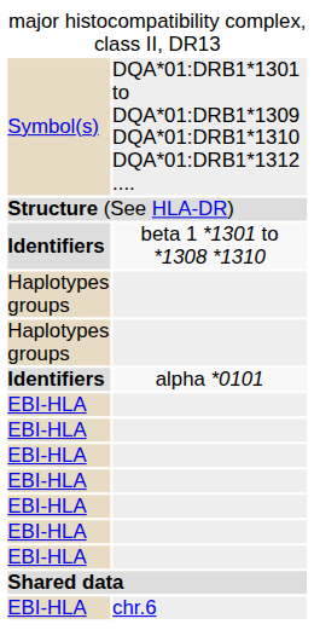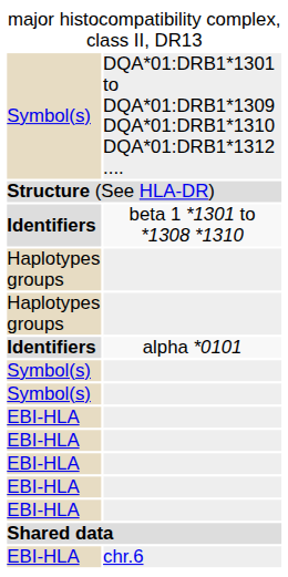 <table id="drugInfoBox" style="float: right; clear: right; margin: 0 0 0.5em 1em; background: #ffffff;" class="toccolours" border=0 cellpadding=0 align=right width="240px">
 <tr>
 <td align="center" colspan="2"></td>
 </tr>
 <tr>
 <td align="center" colspan="2"><div>major histocompatibility complex, class II, DR13</div></td>
 </tr>
 <tr>
 <td bgcolor="#e7dcc3"><a href='#'>Symbol(s)</a></td>
 <td bgcolor="#eeeeee">DQA*01:DRB1*1301 to DQA*01:DRB1*1309 DQA*01:DRB1*1310 DQA*01:DRB1*1312 ....</td>
 </tr>
 <tr>
 <td colspan="2" bgcolor="#dddddd"><strong>Structure</strong> (See <a href='#'>HLA-DR</a>)</td>
 </tr>
 <tr style="background:#f8f8f8">
 <td bgcolor="#dddddd"><strong>Identifiers</strong></td>
 <td align="center"><div>beta 1 <em>*1301</em> to <em>*1308</em> <em>*1310</em></div></td>
 </tr>
 <tr>
 <td bgcolor="#e7dcc3">Haplotypes groups</td>
 <td bgcolor="#eeeeee"></td>
 </tr>
 <tr>
 <td bgcolor="#e7dcc3">Haplotypes groups</td>
 <td bgcolor="#eeeeee"></td>
 </tr>
 <tr style="background:#f8f8f8">
 <td bgcolor="#dddddd"><strong>Identifiers</strong></td>
 <td align="center"><div>alpha <em>*0101</em></div></td>
 </tr>
 <tr>
-<td bgcolor="#e7dcc3"><a href='#'>EBI-HLA</a></td>
+<td bgcolor="#e7dcc3"><a href='#'>Symbol(s)</a></td>
 <td bgcolor="#eeeeee"></td>
 </tr>
 <tr>
-<td bgcolor="#e7dcc3"><a href='#'>EBI-HLA</a></td>
+<td bgcolor="#e7dcc3"><a href='#'>Symbol(s)</a></td>
 <td bgcolor="#eeeeee"></td>
 </tr>
 <tr>
 <td bgcolor="#e7dcc3"><a href='#'>EBI-HLA</a></td>
 <td bgcolor="#eeeeee"> </td>
 </tr>
 <tr>
 <td bgcolor="#e7dcc3"><a href='#'>EBI-HLA</a></td>
 <td bgcolor="#eeeeee"> </td>
 </tr>
 <tr>
 <td bgcolor="#e7dcc3"><a href='#'>EBI-HLA</a></td>
 <td bgcolor="#eeeeee"></td>
 </tr>
 <tr>
 <td bgcolor="#e7dcc3"><a href='#'>EBI-HLA</a></td>
 <td bgcolor="#eeeeee"> </td>
 </tr>
 <tr>
 <td bgcolor="#e7dcc3"><a href='#'>EBI-HLA</a></td>
 <td bgcolor="#eeeeee"></td>
 </tr>
 <tr>
 <td colspan="2" bgcolor="#dddddd"><strong>Shared data</strong></td>
 </tr>
 <tr>
 <td bgcolor="#e7dcc3"><a href='#'>EBI-HLA</a></td>
 <td bgcolor="#eeeeee"><a href='#'>chr.6</a> <em></em></td>
 </tr>
 <tr>
 </tr>
 </table>
